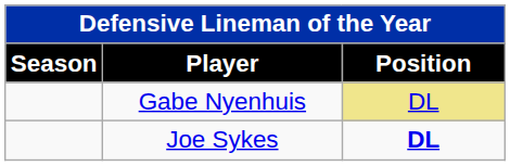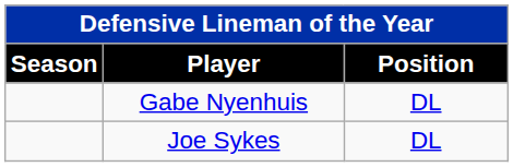 <table class="wikitable sortable" style="text-align:center">
 <tr>
 <td colspan="4" style="background:#002FA7; color:white;"><strong>Defensive Lineman of the Year</strong></td>
 </tr>
 <tr>
 <th style="width:50px; background:black; color:white;">Season</th>
 <th style="width:150px; background:black; color:white;">Player</th>
 <th style="width:100px; background:black; color:white;">Position</th>
 </tr>
 <tr>
 <td></td>
 <td><a href='#'>Gabe Nyenhuis</a></td>
-<td style="background: khaki;"><a href='#'>DL</a></td>
+<td><a href='#'>DL</a></td>
 </tr>
 <tr>
 <td></td>
 <td><a href='#'>Joe Sykes</a></td>
-<td><strong><a href='#'>DL</a></strong></td>
+<td><a href='#'>DL</a></td>
 </tr>
 </table>
